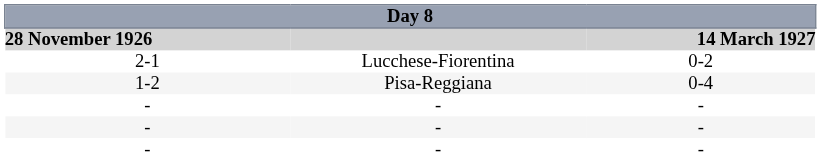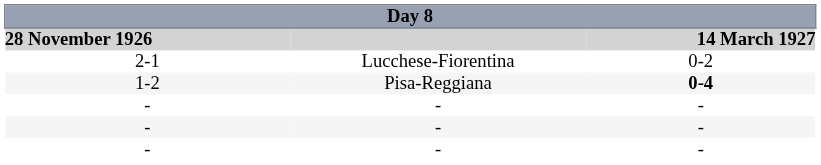 <table border=0 cellspacing=0 cellpadding=0 style="font-size: 85%; border-collapse: collapse;" width=95%>
 <tr>
 <td colspan=5 bgcolor=#98A1B2 style="border:1px solid #7A8392;text-align:center;"><span><strong>Day 8</strong></span></td>
 </tr>
 <tr bgcolor="D3D3D3">
 <th align=left>28 November 1926</th>
 <th></th>
 <th align=right>14 March 1927</th>
 </tr>
 <tr align=center bgcolor=#FFFFFF>
 <td>2-1</td>
 <td>Lucchese-Fiorentina</td>
 <td>0-2</td>
 </tr>
 <tr align=center bgcolor=#F5F5F5>
 <td>1-2</td>
 <td>Pisa-Reggiana</td>
-<td>0-4</td>
+<td><strong>0-4</strong></td>
 </tr>
 <tr align=center bgcolor=#FFFFFF>
 <td>-</td>
 <td>-</td>
 <td>-</td>
 </tr>
 <tr align=center bgcolor=#F5F5F5>
 <td>-</td>
 <td>-</td>
 <td>-</td>
 </tr>
 <tr align=center bgcolor=#FFFFFF>
 <td>-</td>
 <td>-</td>
 <td>-</td>
 </tr>
 </table>
